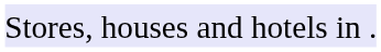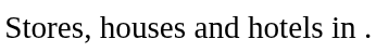 <table align="center" cellpadding=0px cellspacing=8px>
 <tr>
 <td></td>
 <td></td>
 <td></td>
 <td></td>
 </tr>
 <tr>
-<td style="background: lavender;"><small>Stores, houses and hotels in .</small></td>
+<td><small>Stores, houses and hotels in .</small></td>
 </tr>
 </table>
